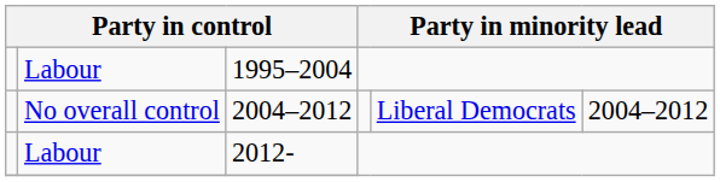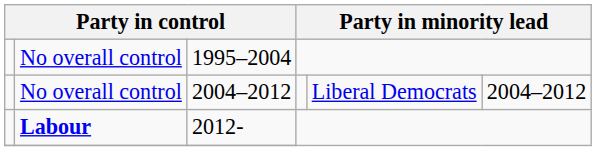 <table class="wikitable">
 <tr>
 <th colspan="3">Party in control</th>
 <th colspan="3" Years>Party in minority lead</th>
 </tr>
 <tr>
 <td style="background-color: "></td>
-<td><a href='#'>Labour</a></td>
+<td><a href='#'>No overall control</a></td>
 <td>1995–2004</td>
 </tr>
 <tr>
 <td style="background-color: "></td>
 <td><a href='#'>No overall control</a></td>
 <td>2004–2012</td>
 <td style="background-color: "></td>
 <td><a href='#'>Liberal Democrats</a></td>
 <td>2004–2012</td>
 </tr>
 <tr>
 <td style="background-color: "></td>
-<td><a href='#'>Labour</a></td>
+<td><strong><a href='#'>Labour</a></strong></td>
 <td>2012-</td>
 </tr>
 <tr>
 </tr>
 </table>
